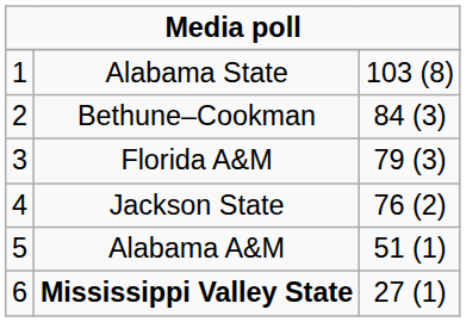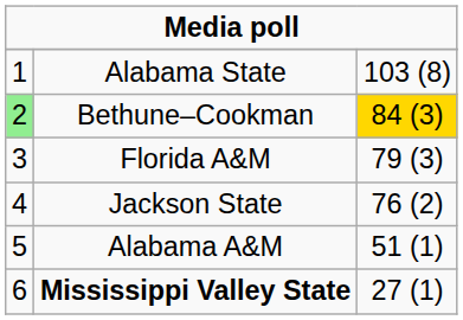 <table class="wikitable" style="display: inline-table;">
 <tr>
 <td align="center" Colspan="3"><strong>Media poll</strong></td>
 </tr>
 <tr align="center">
 </tr>
 <tr align="center">
 <td>1</td>
 <td>Alabama State</td>
 <td>103 (8)</td>
 </tr>
 <tr align="center">
-<td>2</td>
+<td style="background: lightgreen;">2</td>
 <td>Bethune–Cookman</td>
-<td>84 (3)</td>
+<td style="background: gold;">84 (3)</td>
 </tr>
 <tr align="center">
 <td>3</td>
 <td>Florida A&M</td>
 <td>79 (3)</td>
 </tr>
 <tr align="center">
 <td>4</td>
 <td>Jackson State</td>
 <td>76 (2)</td>
 </tr>
 <tr align="center">
 <td>5</td>
 <td>Alabama A&M</td>
 <td>51 (1)</td>
 </tr>
 <tr align="center">
 <td>6</td>
 <td><strong>Mississippi Valley State</strong></td>
 <td>27 (1)</td>
 </tr>
 </table>
